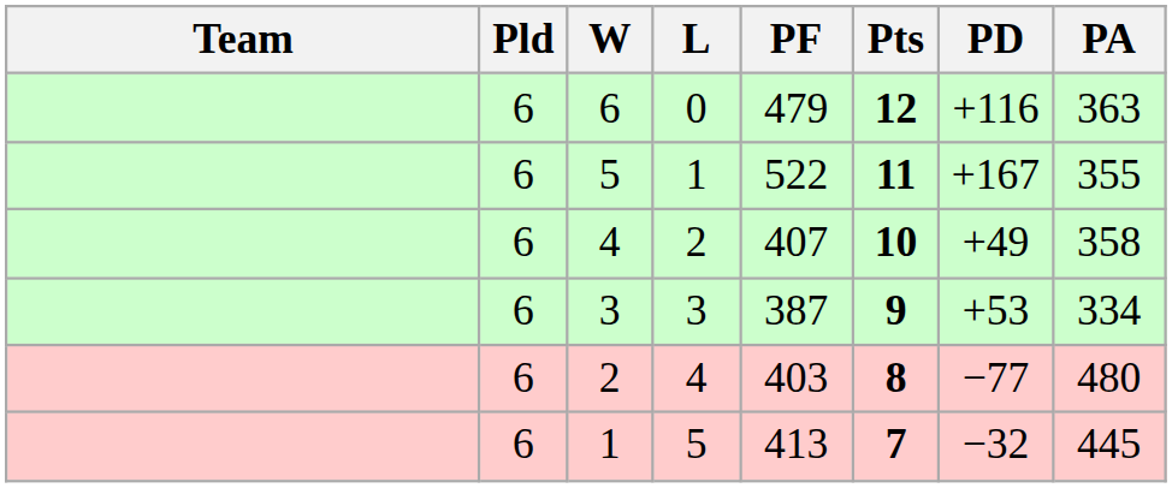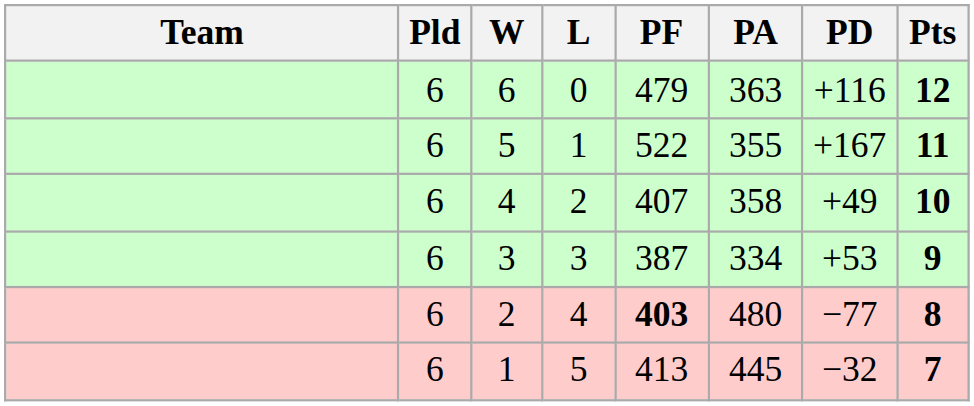 <table class="wikitable" style="text-align:center;">
 <tr>
 <th width=170>Team</th>
 <th width=25>Pld</th>
 <th width=25>W</th>
 <th width=25>L</th>
 <th width=35>PF</th>
+<th width=35>PA</th>
+<th width=35>PD</th>
 <th width=25>Pts</th>
-<th width=35>PD</th>
-<th width=35>PA</th>
 </tr>
 <tr bgcolor=ccffcc>
 <td align="left"></td>
 <td>6</td>
 <td>6</td>
 <td>0</td>
 <td>479</td>
+<td>363</td>
+<td>+116</td>
 <td><strong>12</strong></td>
-<td>+116</td>
-<td>363</td>
 </tr>
 <tr bgcolor=ccffcc>
 <td align="left"></td>
 <td>6</td>
 <td>5</td>
 <td>1</td>
 <td>522</td>
+<td>355</td>
+<td>+167</td>
 <td><strong>11</strong></td>
-<td>+167</td>
-<td>355</td>
 </tr>
 <tr bgcolor=ccffcc>
 <td align="left"></td>
 <td>6</td>
 <td>4</td>
 <td>2</td>
 <td>407</td>
+<td>358</td>
+<td>+49</td>
 <td><strong>10</strong></td>
-<td>+49</td>
-<td>358</td>
 </tr>
 <tr bgcolor=ccffcc>
 <td align="left"></td>
 <td>6</td>
 <td>3</td>
 <td>3</td>
 <td>387</td>
+<td>334</td>
+<td>+53</td>
 <td><strong>9</strong></td>
-<td>+53</td>
-<td>334</td>
 </tr>
 <tr bgcolor=ffcccc>
 <td align="left"></td>
 <td>6</td>
 <td>2</td>
 <td>4</td>
-<td>403</td>
+<td><strong>403</strong></td>
+<td>480</td>
+<td>−77</td>
 <td><strong>8</strong></td>
-<td>−77</td>
-<td>480</td>
 </tr>
 <tr bgcolor=ffcccc>
 <td align="left"></td>
 <td>6</td>
 <td>1</td>
 <td>5</td>
 <td>413</td>
+<td>445</td>
+<td>−32</td>
 <td><strong>7</strong></td>
-<td>−32</td>
-<td>445</td>
 </tr>
 </table>
